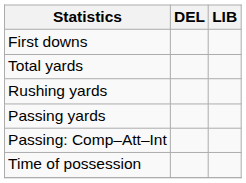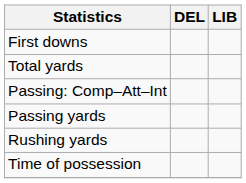 <table class="wikitable" style="float: left;">
 <tr>
 <th>Statistics</th>
 <th>DEL</th>
 <th>LIB</th>
 </tr>
 <tr>
 <td>First downs</td>
 <td></td>
 <td></td>
 </tr>
 <tr>
 <td>Total yards</td>
 <td></td>
 <td></td>
 </tr>
 <tr>
-<td>Rushing yards</td>
+<td>Passing: Comp–Att–Int</td>
 <td></td>
 <td></td>
 </tr>
 <tr>
 <td>Passing yards</td>
 <td></td>
 <td></td>
 </tr>
 <tr>
-<td>Passing: Comp–Att–Int</td>
+<td>Rushing yards</td>
 <td></td>
 <td></td>
 </tr>
 <tr>
 <td>Time of possession</td>
 <td></td>
 <td></td>
 </tr>
 <tr>
 </tr>
 </table>
